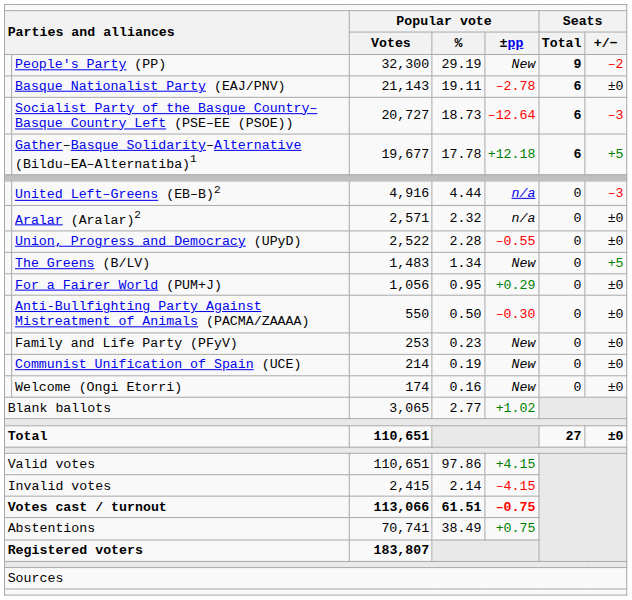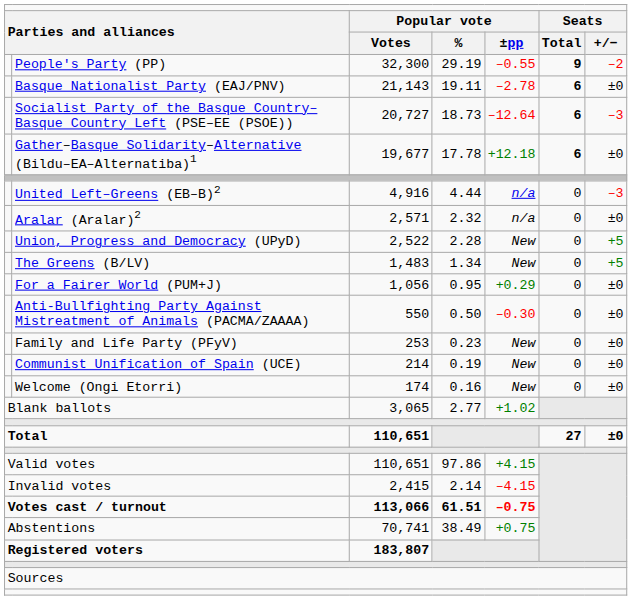 <table class="wikitable" style="text-align:right;">
 <tr>
 <td colspan="7"></td>
 </tr>
 <tr>
 <th style="text-align:left;" rowspan="2" colspan="2" width="525">Parties and alliances</th>
 <th colspan="3">Popular vote</th>
 <th colspan="2">Seats</th>
 </tr>
 <tr>
 <th width="75">Votes</th>
 <th width="45">%</th>
 <th width="45">±<a href='#'>pp</a></th>
 <th width="35">Total</th>
 <th width="35">+/−</th>
 </tr>
 <tr>
 <td width="1" style="color:inherit;background:"></td>
 <td align="left"><a href='#'>People's Party</a> (PP)</td>
 <td>32,300</td>
 <td>29.19</td>
-<td><em>New</em></td>
+<td style="color:red;">–0.55</td>
 <td><strong>9</strong></td>
 <td style="color:red;">–2</td>
 </tr>
 <tr>
 <td style="color:inherit;background:"></td>
 <td align="left"><a href='#'>Basque Nationalist Party</a> (EAJ/PNV)</td>
 <td>21,143</td>
 <td>19.11</td>
 <td style="color:red;">–2.78</td>
 <td><strong>6</strong></td>
 <td>±0</td>
 </tr>
 <tr>
 <td style="color:inherit;background:"></td>
 <td align="left"><a href='#'>Socialist Party of the Basque Country–Basque Country Left</a> (PSE–EE (PSOE))</td>
 <td>20,727</td>
 <td>18.73</td>
 <td style="color:red;">–12.64</td>
 <td><strong>6</strong></td>
 <td style="color:red;">–3</td>
 </tr>
 <tr>
 <td style="color:inherit;background:"></td>
 <td align="left"><a href='#'>Gather</a>–<a href='#'>Basque Solidarity</a>–<a href='#'>Alternative</a> (Bildu–EA–Alternatiba)<sup>1</sup></td>
 <td>19,677</td>
 <td>17.78</td>
 <td style="color:green;">+12.18</td>
 <td><strong>6</strong></td>
-<td style="color:green;">+5</td>
+<td>±0</td>
 </tr>
 <tr>
 <td colspan="7" bgcolor="#C0C0C0"></td>
 </tr>
 <tr>
 <td style="color:inherit;background:"></td>
 <td align="left"><a href='#'>United Left–Greens</a> (EB–B)<sup>2</sup></td>
 <td>4,916</td>
 <td>4.44</td>
 <td><em><a href='#'>n/a</a></em></td>
 <td>0</td>
 <td style="color:red;">–3</td>
 </tr>
 <tr>
 <td style="color:inherit;background:"></td>
 <td align="left"><a href='#'>Aralar</a> (Aralar)<sup>2</sup></td>
 <td>2,571</td>
 <td>2.32</td>
 <td><em>n/a</em></td>
 <td>0</td>
 <td>±0</td>
 </tr>
 <tr>
 <td style="color:inherit;background:"></td>
 <td align="left"><a href='#'>Union, Progress and Democracy</a> (UPyD)</td>
 <td>2,522</td>
 <td>2.28</td>
-<td style="color:red;">–0.55</td>
+<td><em>New</em></td>
 <td>0</td>
-<td>±0</td>
+<td style="color:green;">+5</td>
 </tr>
 <tr>
 <td style="color:inherit;background:"></td>
 <td align="left"><a href='#'>The Greens</a> (B/LV)</td>
 <td>1,483</td>
 <td>1.34</td>
 <td><em>New</em></td>
 <td>0</td>
 <td style="color:green;">+5</td>
 </tr>
 <tr>
 <td style="color:inherit;background:"></td>
 <td align="left"><a href='#'>For a Fairer World</a> (PUM+J)</td>
 <td>1,056</td>
 <td>0.95</td>
 <td style="color:green;">+0.29</td>
 <td>0</td>
 <td>±0</td>
 </tr>
 <tr>
 <td style="color:inherit;background:"></td>
 <td align="left"><a href='#'>Anti-Bullfighting Party Against Mistreatment of Animals</a> (PACMA/ZAAAA)</td>
 <td>550</td>
 <td>0.50</td>
 <td style="color:red;">–0.30</td>
 <td>0</td>
 <td>±0</td>
 </tr>
 <tr>
 <td style="color:inherit;background:"></td>
 <td align="left">Family and Life Party (PFyV)</td>
 <td>253</td>
 <td>0.23</td>
 <td><em>New</em></td>
 <td>0</td>
 <td>±0</td>
 </tr>
 <tr>
 <td style="color:inherit;background:"></td>
 <td align="left"><a href='#'>Communist Unification of Spain</a> (UCE)</td>
 <td>214</td>
 <td>0.19</td>
 <td><em>New</em></td>
 <td>0</td>
 <td>±0</td>
 </tr>
 <tr>
 <td style="color:inherit;background:"></td>
 <td align="left">Welcome (Ongi Etorri)</td>
 <td>174</td>
 <td>0.16</td>
 <td><em>New</em></td>
 <td>0</td>
 <td>±0</td>
 </tr>
 <tr>
 <td align="left" colspan="2">Blank ballots</td>
 <td>3,065</td>
 <td>2.77</td>
 <td style="color:green;">+1.02</td>
 <td bgcolor="#E9E9E9" colspan="2"></td>
 </tr>
 <tr>
 <td colspan="7" bgcolor="#E9E9E9"></td>
 </tr>
 <tr style="font-weight:bold;">
 <td align="left" colspan="2">Total</td>
 <td>110,651</td>
 <td bgcolor="#E9E9E9" colspan="2"></td>
 <td>27</td>
 <td>±0</td>
 </tr>
 <tr>
 <td colspan="7" bgcolor="#E9E9E9"></td>
 </tr>
 <tr>
 <td align="left" colspan="2">Valid votes</td>
 <td>110,651</td>
 <td>97.86</td>
 <td style="color:green;">+4.15</td>
 <td bgcolor="#E9E9E9" colspan="2" rowspan="5"></td>
 </tr>
 <tr>
 <td align="left" colspan="2">Invalid votes</td>
 <td>2,415</td>
 <td>2.14</td>
 <td style="color:red;">–4.15</td>
 </tr>
 <tr style="font-weight:bold;">
 <td align="left" colspan="2">Votes cast / turnout</td>
 <td>113,066</td>
 <td>61.51</td>
 <td style="color:red;">–0.75</td>
 </tr>
 <tr>
 <td align="left" colspan="2">Abstentions</td>
 <td>70,741</td>
 <td>38.49</td>
 <td style="color:green;">+0.75</td>
 </tr>
 <tr style="font-weight:bold;">
 <td align="left" colspan="2">Registered voters</td>
 <td>183,807</td>
 <td bgcolor="#E9E9E9" colspan="2"></td>
 </tr>
 <tr>
 <td colspan="7" bgcolor="#E9E9E9"></td>
 </tr>
 <tr>
 <td align="left" colspan="7">Sources</td>
 </tr>
 <tr>
 <td colspan="7" style="text-align:left; max-width:790px;"></td>
 </tr>
 </table>
